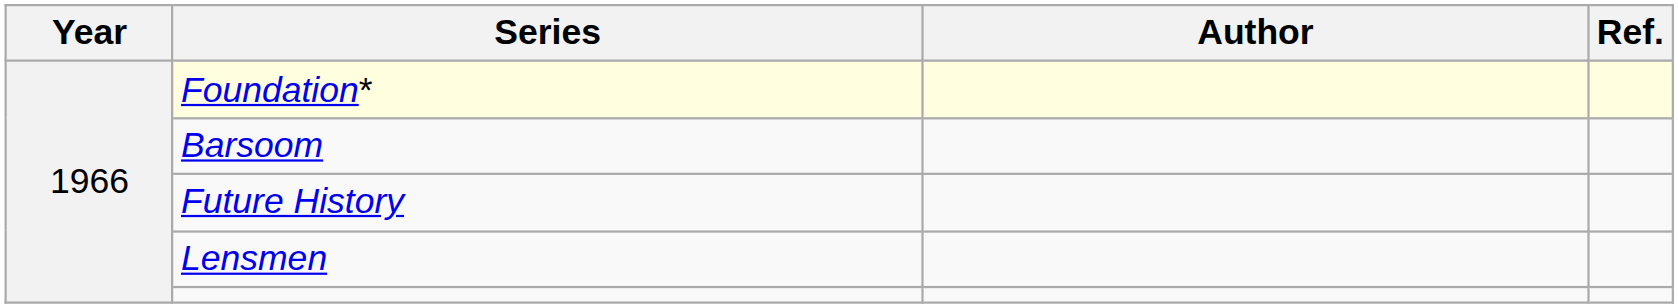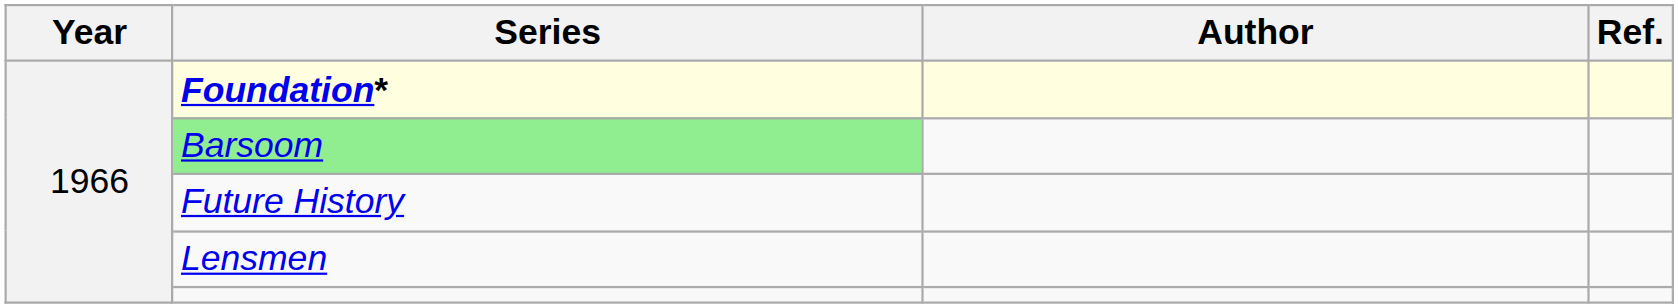 <table class="sortable wikitable" width="85%" cellpadding="5" style="margin: 1em auto 1em auto">
 <tr>
 <th width="10%" scope="col">Year</th>
 <th width="45%" scope="col">Series</th>
 <th width="40%" scope="col">Author</th>
 <th width="5%" scope="col" class="unsortable">Ref.</th>
 </tr>
 <tr style="background:lightyellow;">
 <th scope="rowgroup" align="center" rowspan="5" style="font-weight:normal;">1966</th>
-<td><em><a href='#'>Foundation</a></em>*</td>
+<td><strong><em><a href='#'>Foundation</a></em>*</strong></td>
 <td></td>
 <td align="center"></td>
 </tr>
 <tr>
-<td><em><a href='#'>Barsoom</a></em></td>
+<td style="background: lightgreen;"><em><a href='#'>Barsoom</a></em></td>
 <td></td>
 <td align="center"></td>
 </tr>
 <tr>
 <td><em><a href='#'>Future History</a></em></td>
 <td></td>
 <td align="center"></td>
 </tr>
 <tr>
 <td><em><a href='#'>Lensmen</a></em></td>
 <td></td>
 <td align="center"></td>
 </tr>
 <tr>
 <td></td>
 <td></td>
 <td align="center"></td>
 </tr>
 </table>
